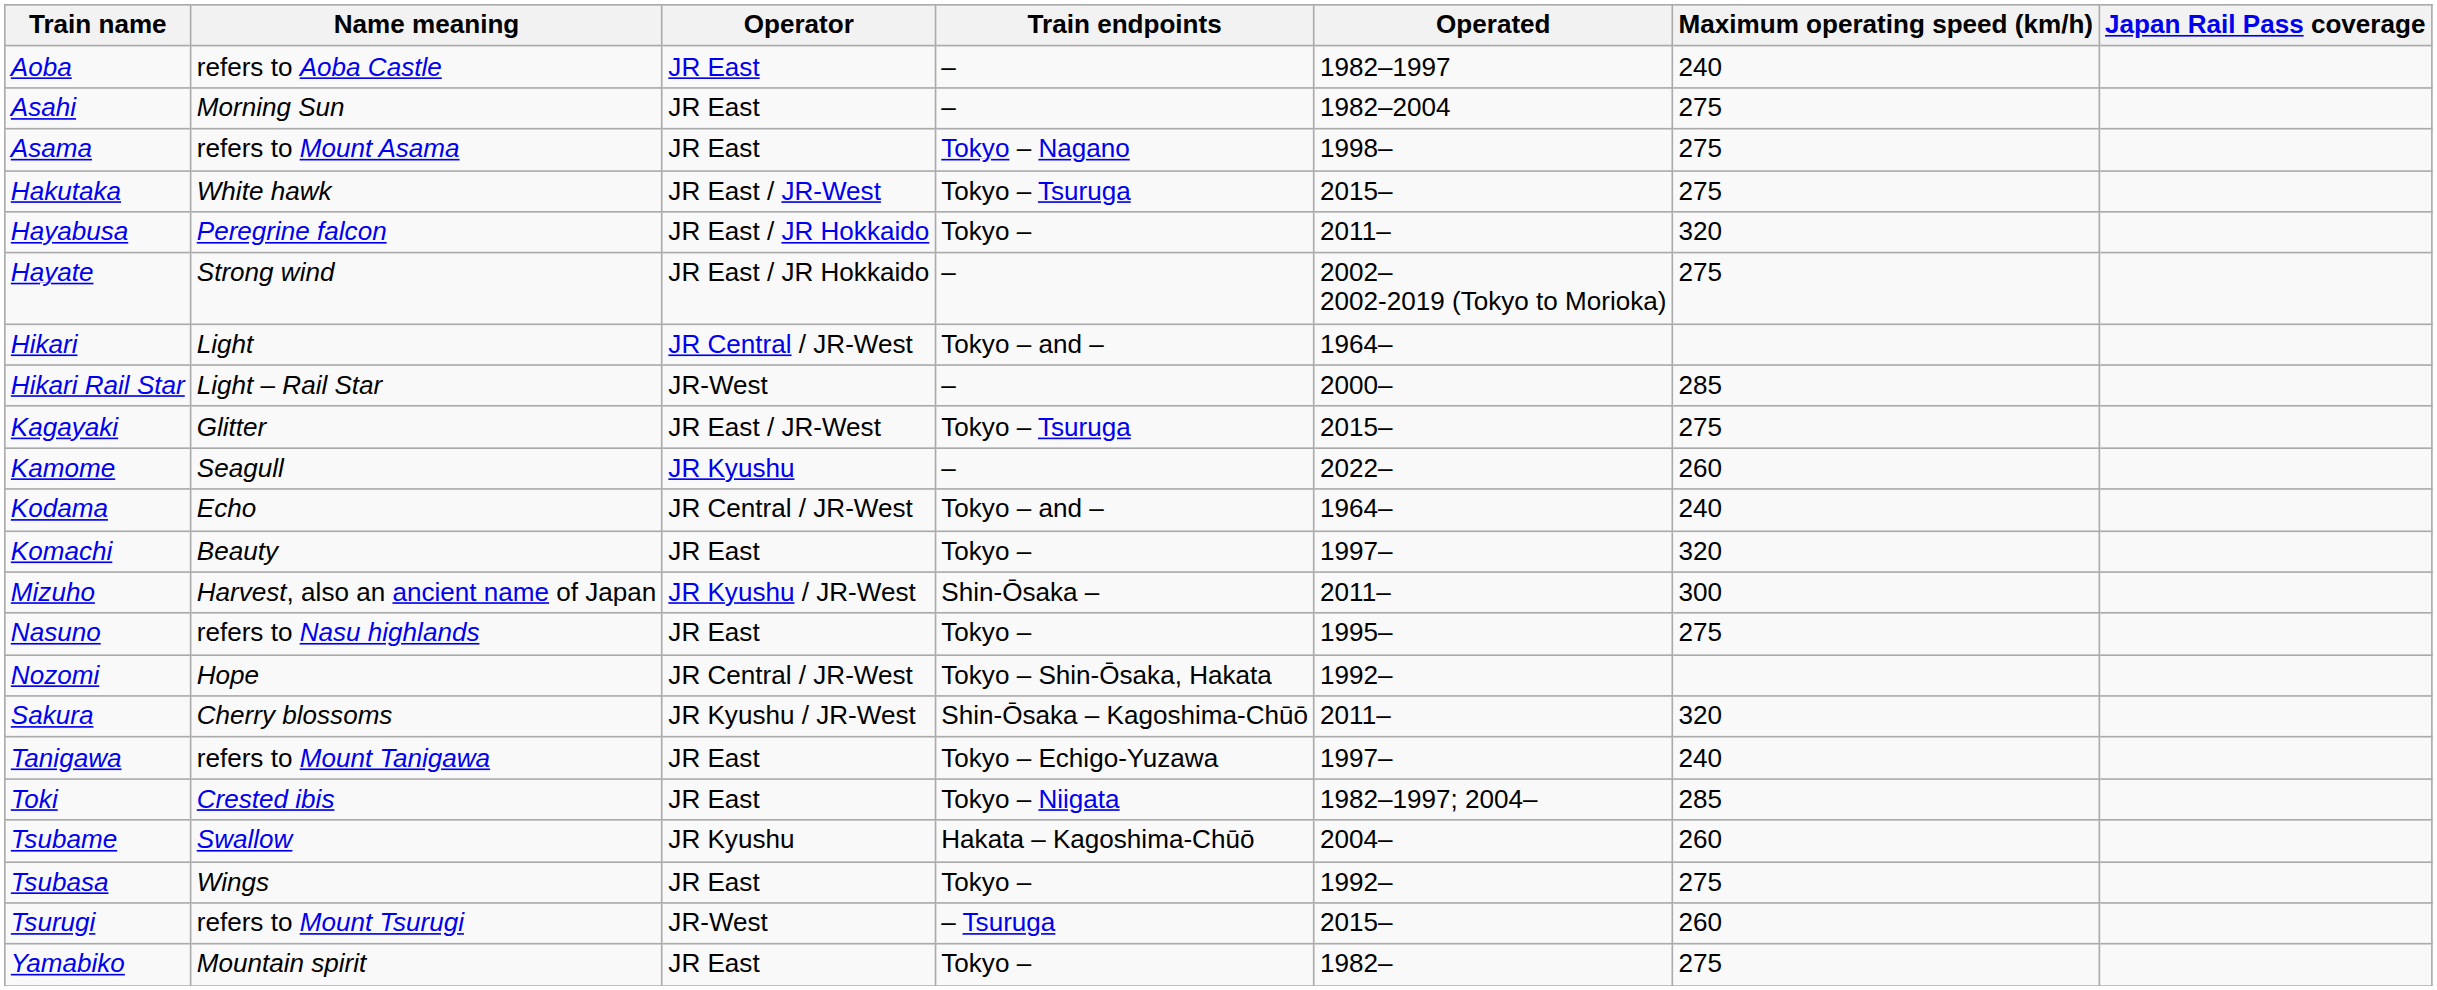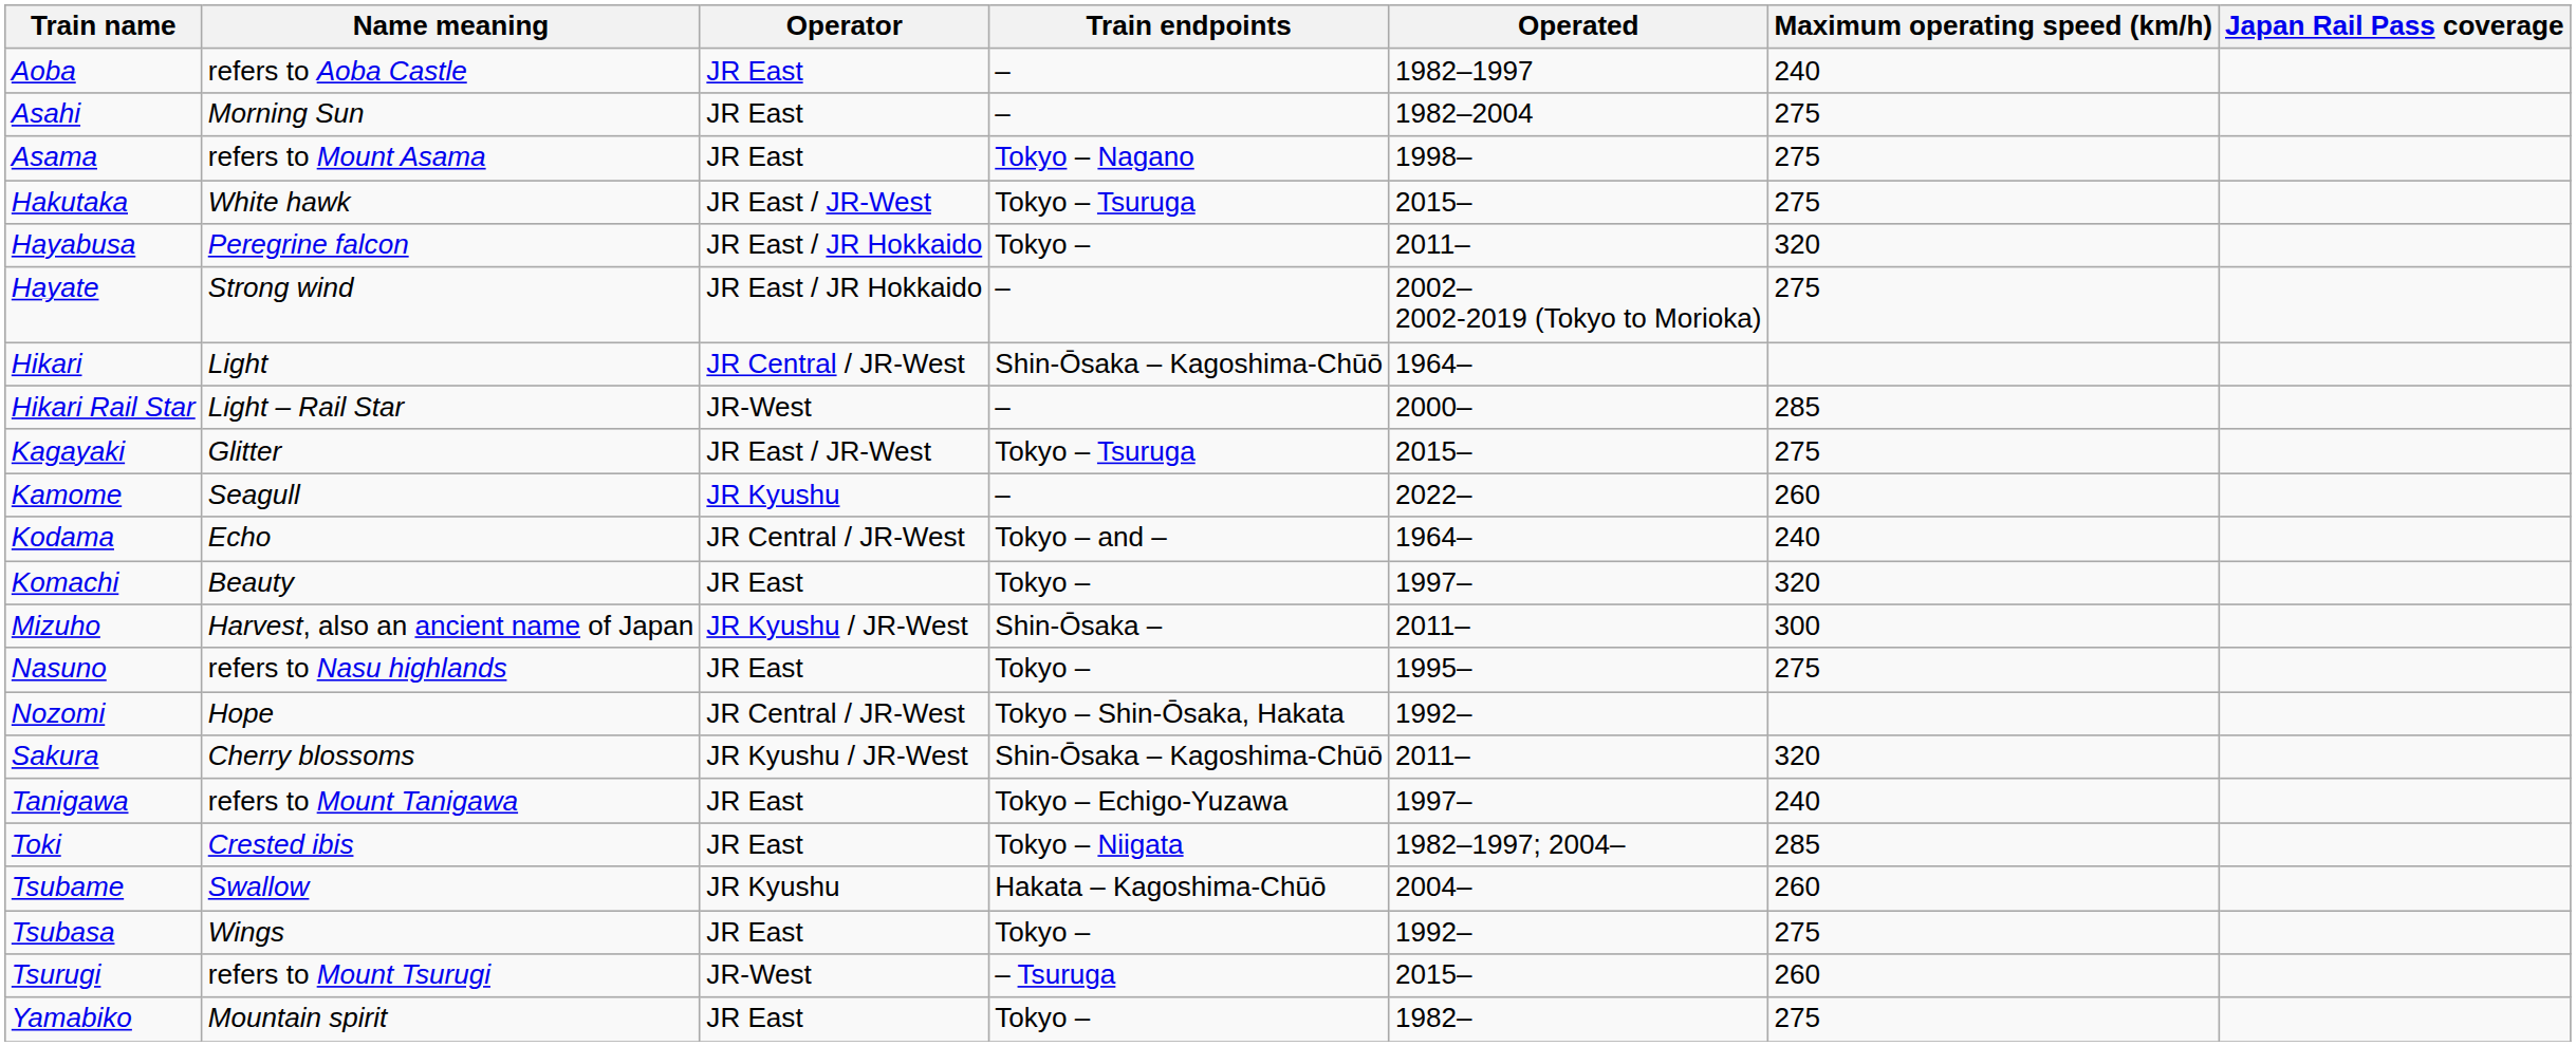 <table class="wikitable sortable">
 <tr valign="to">
 <th>Train name</th>
 <th>Name meaning</th>
 <th>Operator</th>
 <th>Train endpoints</th>
 <th>Operated</th>
 <th>Maximum operating speed (km/h)</th>
 <th><a href='#'>Japan Rail Pass</a> coverage</th>
 </tr>
 <tr valign="top">
 <td><em><a href='#'>Aoba</a></em></td>
 <td>refers to <em><a href='#'>Aoba Castle</a></em></td>
 <td><a href='#'>JR East</a></td>
 <td> – </td>
 <td>1982–1997</td>
 <td>240</td>
 <td></td>
 </tr>
 <tr valign="top">
 <td><em><a href='#'>Asahi</a></em></td>
 <td><em>Morning Sun</em></td>
 <td>JR East</td>
 <td> – </td>
 <td>1982–2004</td>
 <td>275</td>
 <td></td>
 </tr>
 <tr valign="top">
 <td><em><a href='#'>Asama</a></em></td>
 <td>refers to <em><a href='#'>Mount Asama</a></em></td>
 <td>JR East</td>
 <td><a href='#'>Tokyo</a> – <a href='#'>Nagano</a></td>
 <td>1998–</td>
 <td>275</td>
 <td></td>
 </tr>
 <tr valign="top">
 <td><em><a href='#'>Hakutaka</a></em></td>
 <td><em>White hawk</em></td>
 <td>JR East / <a href='#'>JR-West</a></td>
 <td>Tokyo – <a href='#'>Tsuruga</a></td>
 <td>2015–</td>
 <td>275</td>
 <td></td>
 </tr>
 <tr valign="top">
 <td><em><a href='#'>Hayabusa</a></em></td>
 <td><em><a href='#'>Peregrine falcon</a></em></td>
 <td>JR East / <a href='#'>JR Hokkaido</a></td>
 <td>Tokyo – </td>
 <td>2011–</td>
 <td>320</td>
 <td></td>
 </tr>
 <tr valign="top">
 <td><em><a href='#'>Hayate</a></em></td>
 <td><em>Strong wind</em></td>
 <td>JR East / JR Hokkaido</td>
 <td> – </td>
 <td>2002–<br>2002-2019 (Tokyo to Morioka)</td>
 <td>275</td>
 <td></td>
 </tr>
 <tr valign="top">
 <td><em><a href='#'>Hikari</a></em></td>
 <td><em>Light</em></td>
 <td><a href='#'>JR Central</a> / JR-West</td>
-<td>Tokyo –  and  – </td>
+<td>Shin-Ōsaka – Kagoshima-Chūō</td>
 <td>1964–</td>
 <td></td>
 <td></td>
 </tr>
 <tr valign="top">
 <td><em><a href='#'>Hikari Rail Star</a></em></td>
 <td><em>Light – Rail Star</em></td>
 <td>JR-West</td>
 <td> – </td>
 <td>2000–</td>
 <td>285</td>
 <td></td>
 </tr>
 <tr valign="top">
 <td><em><a href='#'>Kagayaki</a></em></td>
 <td><em>Glitter</em></td>
 <td>JR East / JR-West</td>
 <td>Tokyo – <a href='#'>Tsuruga</a></td>
 <td>2015–</td>
 <td>275</td>
 <td></td>
 </tr>
 <tr valign="top">
 <td><em><a href='#'>Kamome</a></em></td>
 <td><em>Seagull</em></td>
 <td><a href='#'>JR Kyushu</a></td>
 <td> – </td>
 <td>2022–</td>
 <td>260</td>
 <td></td>
 </tr>
 <tr valign="top">
 <td><em><a href='#'>Kodama</a></em></td>
 <td><em>Echo</em></td>
 <td>JR Central / JR-West</td>
 <td>Tokyo –  and  – </td>
 <td>1964–</td>
 <td>240</td>
 <td></td>
 </tr>
 <tr valign="top">
 <td><em><a href='#'>Komachi</a></em></td>
 <td><em>Beauty</em></td>
 <td>JR East</td>
 <td>Tokyo – </td>
 <td>1997–</td>
 <td>320</td>
 <td></td>
 </tr>
 <tr valign="top">
 <td><em><a href='#'>Mizuho</a></em></td>
 <td><em>Harvest</em>, also an <a href='#'>ancient name</a> of Japan</td>
 <td><a href='#'>JR Kyushu</a> / JR-West</td>
 <td>Shin-Ōsaka – </td>
 <td>2011–</td>
 <td>300</td>
 <td></td>
 </tr>
 <tr valign="top">
 <td><em><a href='#'>Nasuno</a></em></td>
 <td>refers to <em><a href='#'>Nasu highlands</a></em></td>
 <td>JR East</td>
 <td>Tokyo – </td>
 <td>1995–</td>
 <td>275</td>
 <td></td>
 </tr>
 <tr valign="top">
 <td><em><a href='#'>Nozomi</a></em></td>
 <td><em>Hope</em></td>
 <td>JR Central / JR-West</td>
 <td>Tokyo – Shin-Ōsaka, Hakata</td>
 <td>1992–</td>
 <td></td>
 <td></td>
 </tr>
 <tr valign="top">
 <td><em><a href='#'>Sakura</a></em></td>
 <td><em>Cherry blossoms</em></td>
 <td>JR Kyushu / JR-West</td>
 <td>Shin-Ōsaka – Kagoshima-Chūō</td>
 <td>2011–</td>
 <td>320</td>
 <td></td>
 </tr>
 <tr valign="top">
 <td><em><a href='#'>Tanigawa</a></em></td>
 <td>refers to <em><a href='#'>Mount Tanigawa</a></em></td>
 <td>JR East</td>
 <td>Tokyo – Echigo-Yuzawa</td>
 <td>1997–</td>
 <td>240</td>
 <td></td>
 </tr>
 <tr valign="top">
 <td><em><a href='#'>Toki</a></em></td>
 <td><em><a href='#'>Crested ibis</a></em></td>
 <td>JR East</td>
 <td>Tokyo – <a href='#'>Niigata</a></td>
 <td>1982–1997; 2004–</td>
 <td>285</td>
 <td></td>
 </tr>
 <tr valign="top">
 <td><em><a href='#'>Tsubame</a></em></td>
 <td><em><a href='#'>Swallow</a></em></td>
 <td>JR Kyushu</td>
 <td>Hakata – Kagoshima-Chūō</td>
 <td>2004–</td>
 <td>260</td>
 <td></td>
 </tr>
 <tr valign="top">
 <td><em><a href='#'>Tsubasa</a></em></td>
 <td><em>Wings</em></td>
 <td>JR East</td>
 <td>Tokyo – </td>
 <td>1992–</td>
 <td>275</td>
 <td></td>
 </tr>
 <tr valign="top">
 <td><em><a href='#'>Tsurugi</a></em></td>
 <td>refers to <em><a href='#'>Mount Tsurugi</a></em></td>
 <td>JR-West</td>
 <td> – <a href='#'>Tsuruga</a></td>
 <td>2015–</td>
 <td>260</td>
 <td></td>
 </tr>
 <tr valign="top">
 <td><em><a href='#'>Yamabiko</a></em></td>
 <td><em>Mountain spirit</em></td>
 <td>JR East</td>
 <td>Tokyo – </td>
 <td>1982–</td>
 <td>275</td>
 <td></td>
 </tr>
 </table>
